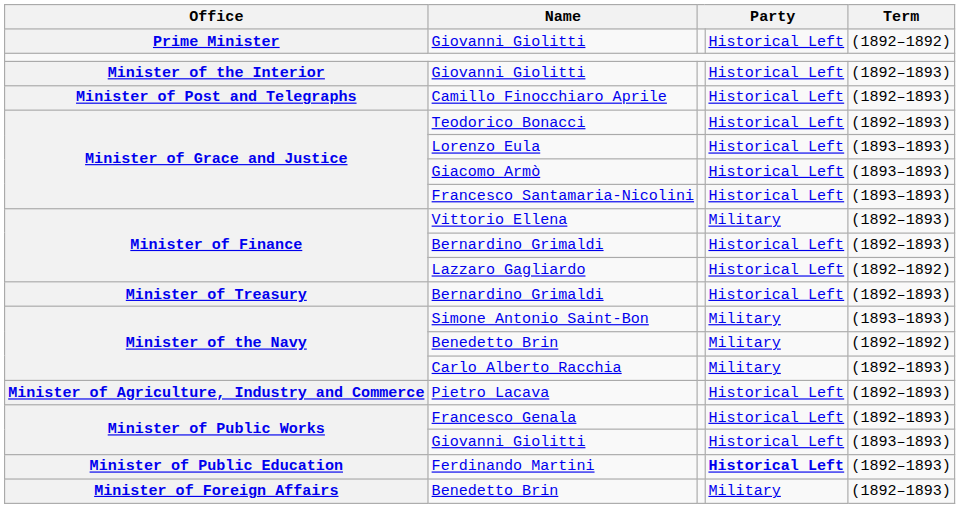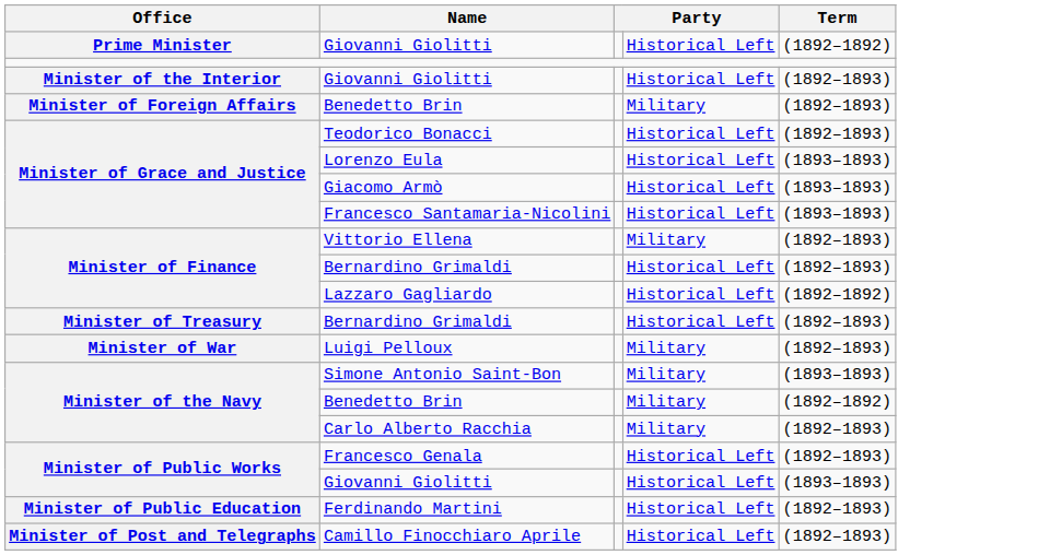 <table class="wikitable" style="font-size: 100%;">
 <tr>
 <th>Office</th>
 <th>Name</th>
 <th colspan=2>Party</th>
 <th>Term</th>
 </tr>
 <tr>
 <th><a href='#'>Prime Minister</a></th>
 <td><a href='#'>Giovanni Giolitti</a></td>
 <td style="color:inherit;background:"></td>
 <td><a href='#'>Historical Left</a></td>
 <td>(1892–1892)</td>
 </tr>
 <tr>
 <td colspan=5></td>
 </tr>
 <tr>
 <th><a href='#'>Minister of the Interior</a></th>
 <td><a href='#'>Giovanni Giolitti</a></td>
 <td style="color:inherit;background:"></td>
 <td><a href='#'>Historical Left</a></td>
 <td>(1892–1893)</td>
 </tr>
 <tr>
-<th><a href='#'>Minister of Post and Telegraphs</a></th>
-<td><a href='#'>Camillo Finocchiaro Aprile</a></td>
+<th><a href='#'>Minister of Foreign Affairs</a></th>
+<td><a href='#'>Benedetto Brin</a></td>
 <td style="color:inherit;background:"></td>
-<td><a href='#'>Historical Left</a></td>
+<td><a href='#'>Military</a></td>
 <td>(1892–1893)</td>
 </tr>
 <tr>
 <th rowspan=4><a href='#'>Minister of Grace and Justice</a></th>
 <td><a href='#'>Teodorico Bonacci</a></td>
 <td style="color:inherit;background:"></td>
 <td><a href='#'>Historical Left</a></td>
 <td>(1892–1893)</td>
 </tr>
 <tr>
 <td><a href='#'>Lorenzo Eula</a></td>
 <td style="color:inherit;background:"></td>
 <td><a href='#'>Historical Left</a></td>
 <td>(1893–1893)</td>
 </tr>
 <tr>
 <td><a href='#'>Giacomo Armò</a></td>
 <td style="color:inherit;background:"></td>
 <td><a href='#'>Historical Left</a></td>
 <td>(1893–1893)</td>
 </tr>
 <tr>
 <td><a href='#'>Francesco Santamaria-Nicolini</a></td>
 <td style="color:inherit;background:"></td>
 <td><a href='#'>Historical Left</a></td>
 <td>(1893–1893)</td>
 </tr>
 <tr>
 <th rowspan=3><a href='#'>Minister of Finance</a></th>
 <td><a href='#'>Vittorio Ellena</a></td>
 <td style="color:inherit;background:"></td>
 <td><a href='#'>Military</a></td>
 <td>(1892–1893)</td>
 </tr>
 <tr>
 <td><a href='#'>Bernardino Grimaldi</a></td>
 <td style="color:inherit;background:"></td>
 <td><a href='#'>Historical Left</a></td>
 <td>(1892–1893)</td>
 </tr>
 <tr>
 <td><a href='#'>Lazzaro Gagliardo</a></td>
 <td style="color:inherit;background:"></td>
 <td><a href='#'>Historical Left</a></td>
 <td>(1892–1892)</td>
 </tr>
 <tr>
 <th><a href='#'>Minister of Treasury</a></th>
 <td><a href='#'>Bernardino Grimaldi</a></td>
 <td style="color:inherit;background:"></td>
 <td><a href='#'>Historical Left</a></td>
 <td>(1892–1893)</td>
 </tr>
 <tr>
+<th><a href='#'>Minister of War</a></th>
+<td><a href='#'>Luigi Pelloux</a></td>
+<td style="color:inherit;background:"></td>
+<td><a href='#'>Military</a></td>
+<td>(1892–1893)</td>
+</tr>
+<tr>
 <th rowspan=3><a href='#'>Minister of the Navy</a></th>
 <td><a href='#'>Simone Antonio Saint-Bon</a></td>
 <td style="color:inherit;background:"></td>
 <td><a href='#'>Military</a></td>
 <td>(1893–1893)</td>
 </tr>
 <tr>
 <td><a href='#'>Benedetto Brin</a></td>
 <td style="color:inherit;background:"></td>
 <td><a href='#'>Military</a></td>
 <td>(1892–1892)</td>
 </tr>
 <tr>
 <td><a href='#'>Carlo Alberto Racchia</a></td>
 <td style="color:inherit;background:"></td>
 <td><a href='#'>Military</a></td>
 <td>(1892–1893)</td>
 </tr>
 <tr>
-<th><a href='#'>Minister of Agriculture, Industry and Commerce</a></th>
-<td><a href='#'>Pietro Lacava</a></td>
-<td style="color:inherit;background:"></td>
-<td><a href='#'>Historical Left</a></td>
-<td>(1892–1893)</td>
-</tr>
-<tr>
 <th rowspan=2><a href='#'>Minister of Public Works</a></th>
 <td><a href='#'>Francesco Genala</a></td>
 <td style="color:inherit;background:"></td>
 <td><a href='#'>Historical Left</a></td>
 <td>(1892–1893)</td>
 </tr>
 <tr>
 <td><a href='#'>Giovanni Giolitti</a></td>
 <td style="color:inherit;background:"></td>
 <td><a href='#'>Historical Left</a></td>
 <td>(1893–1893)</td>
 </tr>
 <tr>
 <th><a href='#'>Minister of Public Education</a></th>
 <td><a href='#'>Ferdinando Martini</a></td>
 <td style="color:inherit;background:"></td>
-<td><strong><a href='#'>Historical Left</a></strong></td>
+<td><a href='#'>Historical Left</a></td>
 <td>(1892–1893)</td>
 </tr>
 <tr>
-<th><a href='#'>Minister of Foreign Affairs</a></th>
-<td><a href='#'>Benedetto Brin</a></td>
+<th><a href='#'>Minister of Post and Telegraphs</a></th>
+<td><a href='#'>Camillo Finocchiaro Aprile</a></td>
 <td style="color:inherit;background:"></td>
-<td><a href='#'>Military</a></td>
+<td><a href='#'>Historical Left</a></td>
 <td>(1892–1893)</td>
 </tr>
 </table>
